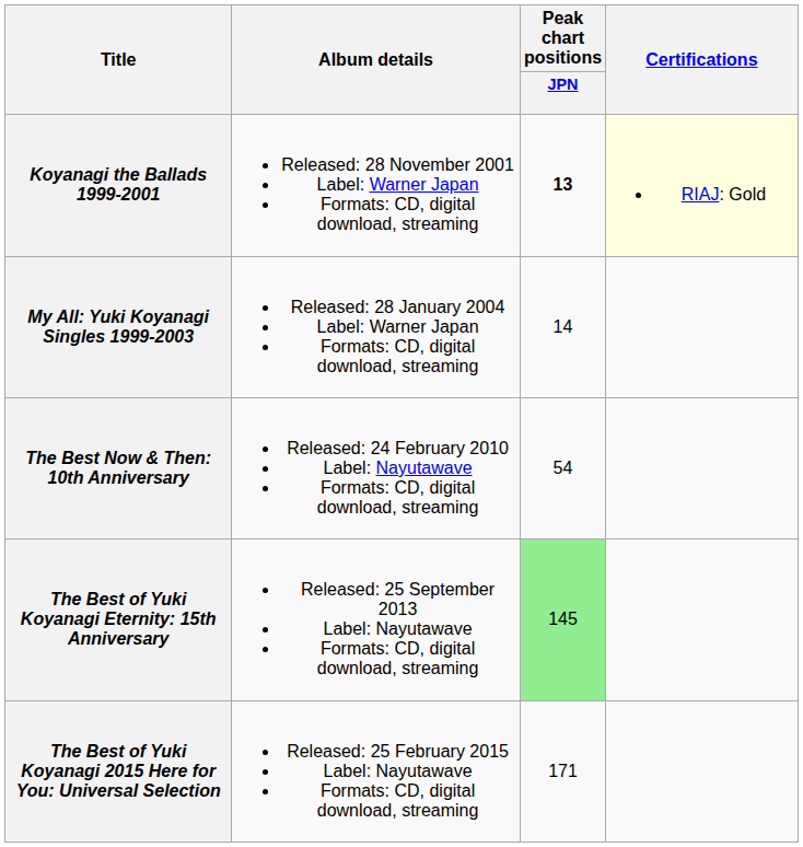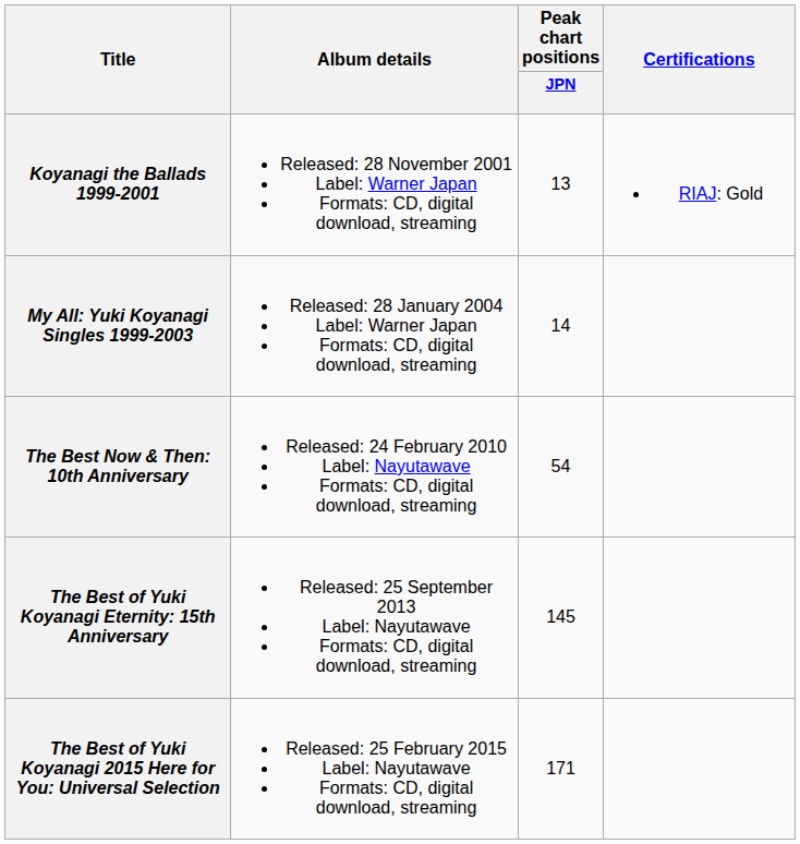 <table class="wikitable plainrowheaders" style="text-align:center;" border="1"|>
 <tr>
 <th scope="col" rowspan="2" style="width:12.5em;">Title</th>
 <th scope="col" rowspan="2" style="width:16em;">Album details</th>
 <th colspan="1">Peak chart positions</th>
 <th scope="col" rowspan="2" style="width:10.5em;"><a href='#'>Certifications</a></th>
 </tr>
 <tr>
 <th scope="col" style="width:3em;font-size:90%;"><a href='#'>JPN<br></a><br></th>
 </tr>
 <tr>
 <th scope="row"><em>Koyanagi the Ballads 1999-2001</em></th>
 <td><br><ul><li>Released: 28 November 2001</li><li>Label: <a href='#'>Warner Japan</a></li><li>Formats: CD, digital download, streaming</li></ul></td>
-<td><strong>13</strong></td>
-<td style="background: lightyellow;"><br><ul><li><a href='#'>RIAJ</a>: Gold</li></ul></td>
+<td>13</td>
+<td><br><ul><li><a href='#'>RIAJ</a>: Gold</li></ul></td>
 </tr>
 <tr>
 <th scope="row"><em>My All: Yuki Koyanagi Singles 1999-2003</em></th>
 <td><br><ul><li>Released: 28 January 2004</li><li>Label: Warner Japan</li><li>Formats: CD, digital download, streaming</li></ul></td>
 <td>14</td>
 <td></td>
 </tr>
 <tr>
 <th scope="row"><em>The Best Now & Then: 10th Anniversary</em></th>
 <td><br><ul><li>Released: 24 February 2010</li><li>Label: <a href='#'>Nayutawave</a></li><li>Formats: CD, digital download, streaming</li></ul></td>
 <td>54</td>
 <td></td>
 </tr>
 <tr>
 <th scope="row"><em>The Best of Yuki Koyanagi Eternity: 15th Anniversary</em></th>
 <td><br><ul><li>Released: 25 September 2013</li><li>Label: Nayutawave</li><li>Formats: CD, digital download, streaming</li></ul></td>
-<td style="background: lightgreen;">145</td>
+<td>145</td>
 <td></td>
 </tr>
 <tr>
 <th scope="row"><em>The Best of Yuki Koyanagi 2015 Here for You: Universal Selection</em></th>
 <td><br><ul><li>Released: 25 February 2015</li><li>Label: Nayutawave</li><li>Formats: CD, digital download, streaming</li></ul></td>
 <td>171</td>
 <td></td>
 </tr>
 <tr>
 </tr>
 </table>
